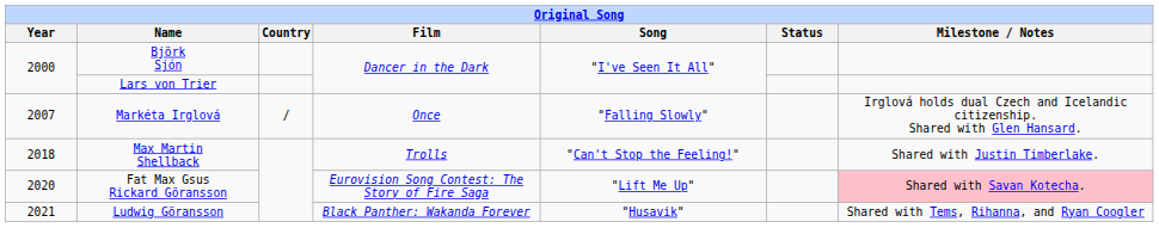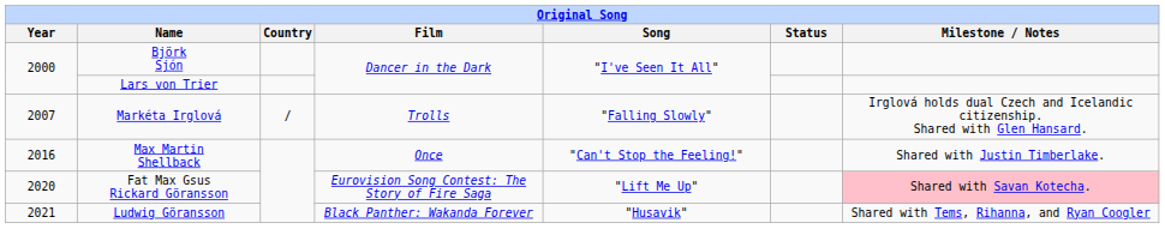 <table class="wikitable" style="text-align: center">
 <tr ---- bgcolor="#bfd7ff">
 <td colspan=7 align=center><strong><a href='#'>Original Song</a></strong></td>
 </tr>
 <tr ---- bgcolor="#ebf5ff">
 <th width="75">Year</th>
 <th width="200">Name</th>
 <th width="50">Country</th>
 <th width="250">Film</th>
 <th width="250">Song</th>
 <th width="75">Status</th>
 <th width="350">Milestone / Notes</th>
 </tr>
 <tr>
 <td rowspan=2 style="text-align: center">2000</td>
 <td><a href='#'>Björk</a><br><a href='#'>Sjón</a></td>
 <td style="text-align: center"></td>
 <td rowspan=2><em><a href='#'>Dancer in the Dark</a></em></td>
 <td rowspan=2>"<a href='#'>I've Seen It All</a>"</td>
 <td></td>
 <td></td>
 </tr>
 <tr>
 <td><a href='#'>Lars von Trier</a></td>
 <td></td>
 <td></td>
 <td></td>
 </tr>
 <tr>
 <td style="text-align: center">2007</td>
 <td><a href='#'>Markéta Irglová</a></td>
 <td>/</td>
-<td><em><a href='#'>Once</a></em></td>
+<td><em><a href='#'>Trolls</a></em></td>
 <td>"<a href='#'>Falling Slowly</a>"</td>
 <td></td>
 <td>Irglová holds dual Czech and Icelandic citizenship.<br>Shared with <a href='#'>Glen Hansard</a>.</td>
 </tr>
 <tr>
-<td style="text-align: center">2018</td>
+<td style="text-align: center">2016</td>
 <td><a href='#'>Max Martin</a><br><a href='#'>Shellback</a></td>
 <td rowspan="3" style="text-align: center"></td>
-<td><em><a href='#'>Trolls</a></em></td>
+<td><em><a href='#'>Once</a></em></td>
 <td>"<a href='#'>Can't Stop the Feeling!</a>"</td>
 <td></td>
 <td>Shared with <a href='#'>Justin Timberlake</a>.</td>
 </tr>
 <tr>
 <td style="text-align: center">2020</td>
 <td>Fat Max Gsus<br><a href='#'>Rickard Göransson</a></td>
 <td><em><a href='#'>Eurovision Song Contest: The Story of Fire Saga</a></em></td>
 <td>"<a href='#'>Lift Me Up</a>"</td>
 <td></td>
 <td style="background: pink;">Shared with <a href='#'>Savan Kotecha</a>.</td>
 </tr>
 <tr>
 <td style="test-align: center">2021</td>
 <td><a href='#'>Ludwig Göransson</a></td>
 <td><em><a href='#'>Black Panther: Wakanda Forever</a></em></td>
 <td>"<a href='#'>Husavik</a>"</td>
 <td></td>
 <td>Shared with <a href='#'>Tems</a>, <a href='#'>Rihanna</a>, and <a href='#'>Ryan Coogler</a></td>
 </tr>
 </table>
